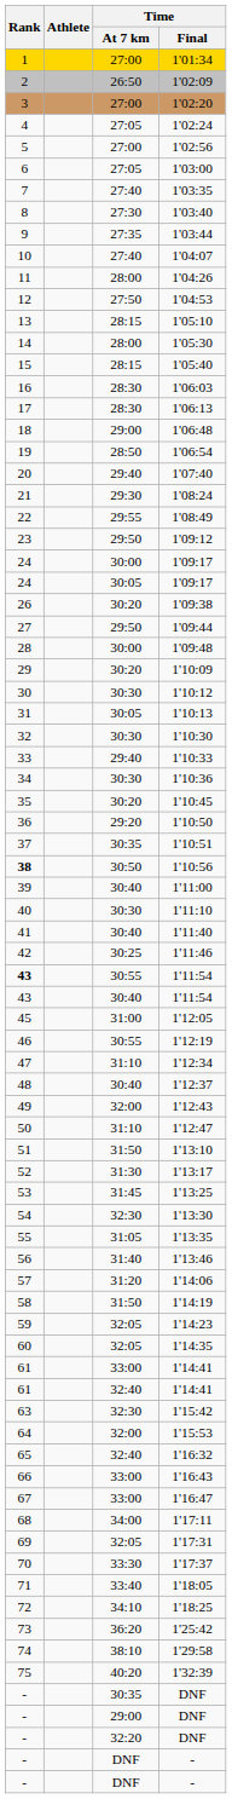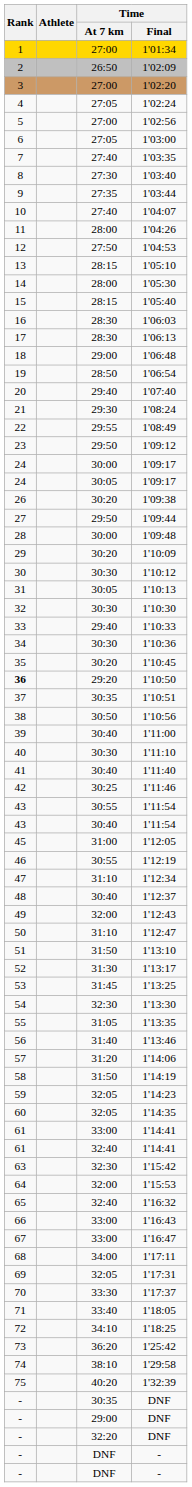 <table class="wikitable" style="text-align:center">
 <tr>
 <th rowspan=2>Rank</th>
 <th rowspan=2>Athlete</th>
 <th colspan=2>Time</th>
 </tr>
 <tr>
 <th width=70>At 7 km</th>
 <th width=70>Final</th>
 </tr>
 <tr bgcolor=gold>
 <td>1</td>
 <td align=left></td>
 <td>27:00</td>
 <td>1'01:34</td>
 </tr>
 <tr bgcolor=silver>
 <td>2</td>
 <td align=left></td>
 <td>26:50</td>
 <td>1'02:09</td>
 </tr>
 <tr bgcolor=#CC9966>
 <td>3</td>
 <td align=left></td>
 <td>27:00</td>
 <td>1'02:20</td>
 </tr>
 <tr>
 <td>4</td>
 <td align=left></td>
 <td>27:05</td>
 <td>1'02:24</td>
 </tr>
 <tr>
 <td>5</td>
 <td align=left></td>
 <td>27:00</td>
 <td>1'02:56</td>
 </tr>
 <tr>
 <td>6</td>
 <td align=left></td>
 <td>27:05</td>
 <td>1'03:00</td>
 </tr>
 <tr>
 <td>7</td>
 <td align=left></td>
 <td>27:40</td>
 <td>1'03:35</td>
 </tr>
 <tr>
 <td>8</td>
 <td align=left></td>
 <td>27:30</td>
 <td>1'03:40</td>
 </tr>
 <tr>
 <td>9</td>
 <td align=left></td>
 <td>27:35</td>
 <td>1'03:44</td>
 </tr>
 <tr>
 <td>10</td>
 <td align=left></td>
 <td>27:40</td>
 <td>1'04:07</td>
 </tr>
 <tr>
 <td>11</td>
 <td align=left></td>
 <td>28:00</td>
 <td>1'04:26</td>
 </tr>
 <tr>
 <td>12</td>
 <td align=left></td>
 <td>27:50</td>
 <td>1'04:53</td>
 </tr>
 <tr>
 <td>13</td>
 <td align=left></td>
 <td>28:15</td>
 <td>1'05:10</td>
 </tr>
 <tr>
 <td>14</td>
 <td align=left></td>
 <td>28:00</td>
 <td>1'05:30</td>
 </tr>
 <tr>
 <td>15</td>
 <td align=left></td>
 <td>28:15</td>
 <td>1'05:40</td>
 </tr>
 <tr>
 <td>16</td>
 <td align=left></td>
 <td>28:30</td>
 <td>1'06:03</td>
 </tr>
 <tr>
 <td>17</td>
 <td align=left></td>
 <td>28:30</td>
 <td>1'06:13</td>
 </tr>
 <tr>
 <td>18</td>
 <td align=left></td>
 <td>29:00</td>
 <td>1'06:48</td>
 </tr>
 <tr>
 <td>19</td>
 <td align=left></td>
 <td>28:50</td>
 <td>1'06:54</td>
 </tr>
 <tr>
 <td>20</td>
 <td align=left></td>
 <td>29:40</td>
 <td>1'07:40</td>
 </tr>
 <tr>
 <td>21</td>
 <td align=left></td>
 <td>29:30</td>
 <td>1'08:24</td>
 </tr>
 <tr>
 <td>22</td>
 <td align=left></td>
 <td>29:55</td>
 <td>1'08:49</td>
 </tr>
 <tr>
 <td>23</td>
 <td align=left></td>
 <td>29:50</td>
 <td>1'09:12</td>
 </tr>
 <tr>
 <td>24</td>
 <td align=left></td>
 <td>30:00</td>
 <td>1'09:17</td>
 </tr>
 <tr>
 <td>24</td>
 <td align=left></td>
 <td>30:05</td>
 <td>1'09:17</td>
 </tr>
 <tr>
 <td>26</td>
 <td align=left></td>
 <td>30:20</td>
 <td>1'09:38</td>
 </tr>
 <tr>
 <td>27</td>
 <td align=left></td>
 <td>29:50</td>
 <td>1'09:44</td>
 </tr>
 <tr>
 <td>28</td>
 <td align=left></td>
 <td>30:00</td>
 <td>1'09:48</td>
 </tr>
 <tr>
 <td>29</td>
 <td align=left></td>
 <td>30:20</td>
 <td>1'10:09</td>
 </tr>
 <tr>
 <td>30</td>
 <td align=left></td>
 <td>30:30</td>
 <td>1'10:12</td>
 </tr>
 <tr>
 <td>31</td>
 <td align=left></td>
 <td>30:05</td>
 <td>1'10:13</td>
 </tr>
 <tr>
 <td>32</td>
 <td align=left></td>
 <td>30:30</td>
 <td>1'10:30</td>
 </tr>
 <tr>
 <td>33</td>
 <td align=left></td>
 <td>29:40</td>
 <td>1'10:33</td>
 </tr>
 <tr>
 <td>34</td>
 <td align=left></td>
 <td>30:30</td>
 <td>1'10:36</td>
 </tr>
 <tr>
 <td>35</td>
 <td align=left></td>
 <td>30:20</td>
 <td>1'10:45</td>
 </tr>
 <tr>
-<td>36</td>
+<td><strong>36</strong></td>
 <td align=left></td>
 <td>29:20</td>
 <td>1'10:50</td>
 </tr>
 <tr>
 <td>37</td>
 <td align=left></td>
 <td>30:35</td>
 <td>1'10:51</td>
 </tr>
 <tr>
-<td><strong>38</strong></td>
+<td>38</td>
 <td align=left></td>
 <td>30:50</td>
 <td>1'10:56</td>
 </tr>
 <tr>
 <td>39</td>
 <td align=left></td>
 <td>30:40</td>
 <td>1'11:00</td>
 </tr>
 <tr>
 <td>40</td>
 <td align=left></td>
 <td>30:30</td>
 <td>1'11:10</td>
 </tr>
 <tr>
 <td>41</td>
 <td align=left></td>
 <td>30:40</td>
 <td>1'11:40</td>
 </tr>
 <tr>
 <td>42</td>
 <td align=left></td>
 <td>30:25</td>
 <td>1'11:46</td>
 </tr>
 <tr>
-<td><strong>43</strong></td>
+<td>43</td>
 <td align=left></td>
 <td>30:55</td>
 <td>1'11:54</td>
 </tr>
 <tr>
 <td>43</td>
 <td align=left></td>
 <td>30:40</td>
 <td>1'11:54</td>
 </tr>
 <tr>
 <td>45</td>
 <td align=left></td>
 <td>31:00</td>
 <td>1'12:05</td>
 </tr>
 <tr>
 <td>46</td>
 <td align=left></td>
 <td>30:55</td>
 <td>1'12:19</td>
 </tr>
 <tr>
 <td>47</td>
 <td align=left></td>
 <td>31:10</td>
 <td>1'12:34</td>
 </tr>
 <tr>
 <td>48</td>
 <td align=left></td>
 <td>30:40</td>
 <td>1'12:37</td>
 </tr>
 <tr>
 <td>49</td>
 <td align=left></td>
 <td>32:00</td>
 <td>1'12:43</td>
 </tr>
 <tr>
 <td>50</td>
 <td align=left></td>
 <td>31:10</td>
 <td>1'12:47</td>
 </tr>
 <tr>
 <td>51</td>
 <td align=left></td>
 <td>31:50</td>
 <td>1'13:10</td>
 </tr>
 <tr>
 <td>52</td>
 <td align=left></td>
 <td>31:30</td>
 <td>1'13:17</td>
 </tr>
 <tr>
 <td>53</td>
 <td align=left></td>
 <td>31:45</td>
 <td>1'13:25</td>
 </tr>
 <tr>
 <td>54</td>
 <td align=left></td>
 <td>32:30</td>
 <td>1'13:30</td>
 </tr>
 <tr>
 <td>55</td>
 <td align=left></td>
 <td>31:05</td>
 <td>1'13:35</td>
 </tr>
 <tr>
 <td>56</td>
 <td align=left></td>
 <td>31:40</td>
 <td>1'13:46</td>
 </tr>
 <tr>
 <td>57</td>
 <td align=left></td>
 <td>31:20</td>
 <td>1'14:06</td>
 </tr>
 <tr>
 <td>58</td>
 <td align=left></td>
 <td>31:50</td>
 <td>1'14:19</td>
 </tr>
 <tr>
 <td>59</td>
 <td align=left></td>
 <td>32:05</td>
 <td>1'14:23</td>
 </tr>
 <tr>
 <td>60</td>
 <td align=left></td>
 <td>32:05</td>
 <td>1'14:35</td>
 </tr>
 <tr>
 <td>61</td>
 <td align=left></td>
 <td>33:00</td>
 <td>1'14:41</td>
 </tr>
 <tr>
 <td>61</td>
 <td align=left></td>
 <td>32:40</td>
 <td>1'14:41</td>
 </tr>
 <tr>
 <td>63</td>
 <td align=left></td>
 <td>32:30</td>
 <td>1'15:42</td>
 </tr>
 <tr>
 <td>64</td>
 <td align=left></td>
 <td>32:00</td>
 <td>1'15:53</td>
 </tr>
 <tr>
 <td>65</td>
 <td align=left></td>
 <td>32:40</td>
 <td>1'16:32</td>
 </tr>
 <tr>
 <td>66</td>
 <td align=left></td>
 <td>33:00</td>
 <td>1'16:43</td>
 </tr>
 <tr>
 <td>67</td>
 <td align=left></td>
 <td>33:00</td>
 <td>1'16:47</td>
 </tr>
 <tr>
 <td>68</td>
 <td align=left></td>
 <td>34:00</td>
 <td>1'17:11</td>
 </tr>
 <tr>
 <td>69</td>
 <td align=left></td>
 <td>32:05</td>
 <td>1'17:31</td>
 </tr>
 <tr>
 <td>70</td>
 <td align=left></td>
 <td>33:30</td>
 <td>1'17:37</td>
 </tr>
 <tr>
 <td>71</td>
 <td align=left></td>
 <td>33:40</td>
 <td>1'18:05</td>
 </tr>
 <tr>
 <td>72</td>
 <td align=left></td>
 <td>34:10</td>
 <td>1'18:25</td>
 </tr>
 <tr>
 <td>73</td>
 <td align=left></td>
 <td>36:20</td>
 <td>1'25:42</td>
 </tr>
 <tr>
 <td>74</td>
 <td align=left></td>
 <td>38:10</td>
 <td>1'29:58</td>
 </tr>
 <tr>
 <td>75</td>
 <td align=left></td>
 <td>40:20</td>
 <td>1'32:39</td>
 </tr>
 <tr>
 <td>-</td>
 <td align=left></td>
 <td>30:35</td>
 <td>DNF</td>
 </tr>
 <tr>
 <td>-</td>
 <td align=left></td>
 <td>29:00</td>
 <td>DNF</td>
 </tr>
 <tr>
 <td>-</td>
 <td align=left></td>
 <td>32:20</td>
 <td>DNF</td>
 </tr>
 <tr>
 <td>-</td>
 <td align=left></td>
 <td>DNF</td>
 <td>-</td>
 </tr>
 <tr>
 <td>-</td>
 <td align=left></td>
 <td>DNF</td>
 <td>-</td>
 </tr>
 </table>
